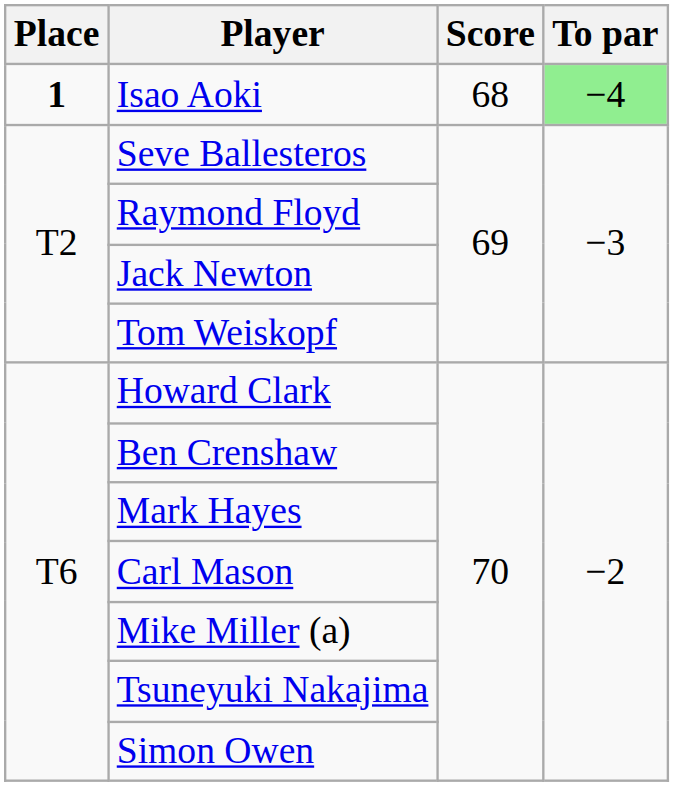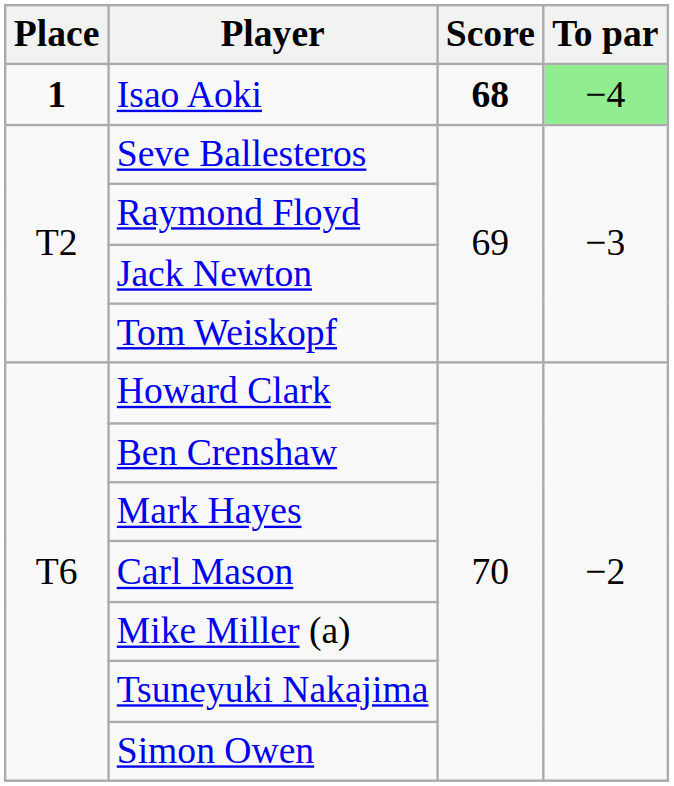 <table class="wikitable">
 <tr>
 <th>Place</th>
 <th>Player</th>
 <th>Score</th>
 <th>To par</th>
 </tr>
 <tr>
 <td align=center><strong>1</strong></td>
 <td> <a href='#'>Isao Aoki</a></td>
-<td align=center>68</td>
+<td align=center><strong>68</strong></td>
 <td align=center style="background: lightgreen;">−4</td>
 </tr>
 <tr>
 <td rowspan="4" align=center>T2</td>
 <td> <a href='#'>Seve Ballesteros</a></td>
 <td rowspan="4" align=center>69</td>
 <td rowspan="4" align=center>−3</td>
 </tr>
 <tr>
 <td> <a href='#'>Raymond Floyd</a></td>
 </tr>
 <tr>
 <td> <a href='#'>Jack Newton</a></td>
 </tr>
 <tr>
 <td> <a href='#'>Tom Weiskopf</a></td>
 </tr>
 <tr>
 <td rowspan="7" align=center>T6</td>
 <td> <a href='#'>Howard Clark</a></td>
 <td rowspan="7" align=center>70</td>
 <td rowspan="7" align=center>−2</td>
 </tr>
 <tr>
 <td> <a href='#'>Ben Crenshaw</a></td>
 </tr>
 <tr>
 <td> <a href='#'>Mark Hayes</a></td>
 </tr>
 <tr>
 <td> <a href='#'>Carl Mason</a></td>
 </tr>
 <tr>
 <td> <a href='#'>Mike Miller</a> (a)</td>
 </tr>
 <tr>
 <td> <a href='#'>Tsuneyuki Nakajima</a></td>
 </tr>
 <tr>
 <td> <a href='#'>Simon Owen</a></td>
 </tr>
 </table>
